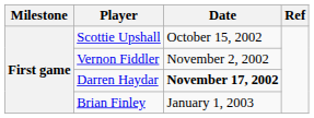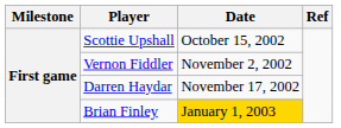 <table class="wikitable">
 <tr>
 <th scope="col">Milestone</th>
 <th scope="col">Player</th>
 <th scope="col">Date</th>
 <th scope="col">Ref</th>
 </tr>
 <tr>
 <th rowspan=4>First game</th>
 <td><a href='#'>Scottie Upshall</a></td>
 <td>October 15, 2002</td>
 <td rowspan=4></td>
 </tr>
 <tr>
 <td><a href='#'>Vernon Fiddler</a></td>
 <td>November 2, 2002</td>
 </tr>
 <tr>
 <td><a href='#'>Darren Haydar</a></td>
-<td><strong>November 17, 2002</strong></td>
+<td>November 17, 2002</td>
 </tr>
 <tr>
 <td><a href='#'>Brian Finley</a></td>
-<td>January 1, 2003</td>
+<td style="background: gold;">January 1, 2003</td>
 </tr>
 </table>
